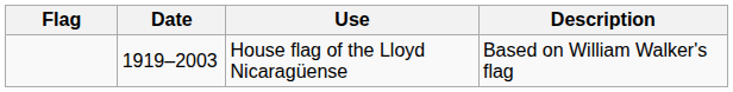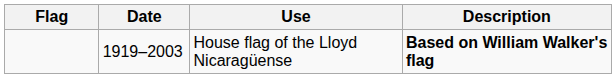 <table class="wikitable">
 <tr>
 <th style="width:110px;">Flag</th>
 <th style="width:100px;">Date</th>
 <th style="width:250px;">Use</th>
 <th style="width:250px;">Description</th>
 </tr>
 <tr>
 <td></td>
 <td>1919–2003</td>
 <td>House flag of the Lloyd Nicaragüense</td>
-<td>Based on William Walker's flag</td>
+<td><strong>Based on William Walker's flag</strong></td>
 </tr>
 <tr>
 </tr>
 </table>
